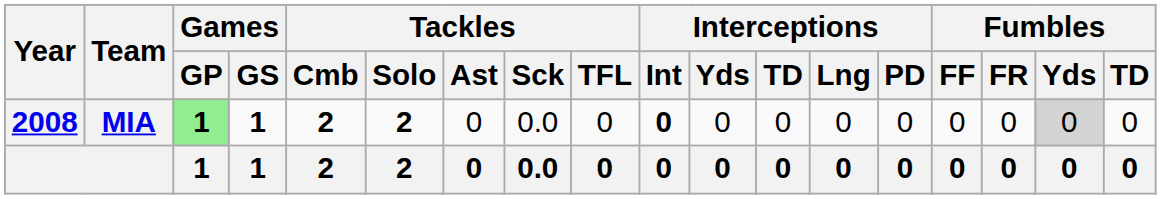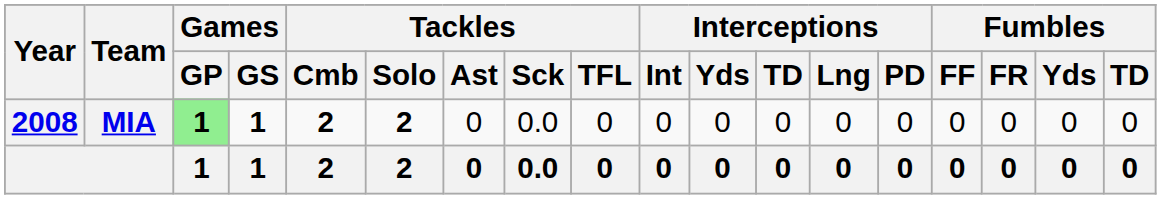 <table class="wikitable" style="text-align:center">
 <tr>
 <th rowspan="2">Year</th>
 <th rowspan="2">Team</th>
 <th colspan="2">Games</th>
 <th colspan="5">Tackles</th>
 <th colspan="5">Interceptions</th>
 <th colspan="4">Fumbles</th>
 </tr>
 <tr>
 <th>GP</th>
 <th>GS</th>
 <th>Cmb</th>
 <th>Solo</th>
 <th>Ast</th>
 <th>Sck</th>
 <th>TFL</th>
 <th>Int</th>
 <th>Yds</th>
 <th>TD</th>
 <th>Lng</th>
 <th>PD</th>
 <th>FF</th>
 <th>FR</th>
 <th>Yds</th>
 <th>TD</th>
 </tr>
 <tr>
 <th><a href='#'>2008</a></th>
 <th><a href='#'>MIA</a></th>
 <td style="background: lightgreen;"><strong>1</strong></td>
 <td><strong>1</strong></td>
 <td><strong>2</strong></td>
 <td><strong>2</strong></td>
 <td>0</td>
 <td>0.0</td>
 <td>0</td>
-<td><strong>0</strong></td>
 <td>0</td>
 <td>0</td>
 <td>0</td>
 <td>0</td>
 <td>0</td>
 <td>0</td>
-<td style="background: lightgrey;">0</td>
+<td>0</td>
+<td>0</td>
 <td>0</td>
 </tr>
 <tr>
 <th colspan="2"></th>
 <th>1</th>
 <th>1</th>
 <th>2</th>
 <th>2</th>
 <th>0</th>
 <th>0.0</th>
 <th>0</th>
 <th>0</th>
 <th>0</th>
 <th>0</th>
 <th>0</th>
 <th>0</th>
 <th>0</th>
 <th>0</th>
 <th>0</th>
 <th>0</th>
 </tr>
 </table>
